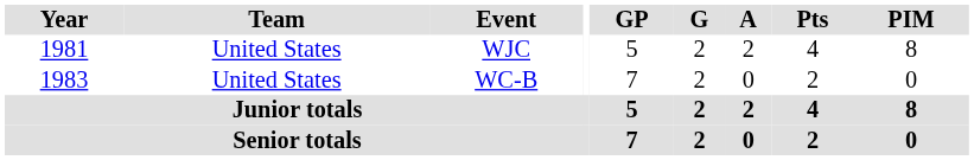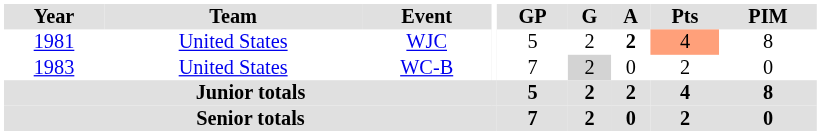 <table border="0" cellpadding="1" cellspacing="0" ID="Table3" style="text-align:center; width:40em">
 <tr bgcolor="#e0e0e0">
 <th>Year</th>
 <th>Team</th>
 <th>Event</th>
 <th rowspan="102" bgcolor="#ffffff"></th>
 <th>GP</th>
 <th>G</th>
 <th>A</th>
 <th>Pts</th>
 <th>PIM</th>
 </tr>
 <tr>
 <td><a href='#'>1981</a></td>
 <td><a href='#'>United States</a></td>
 <td><a href='#'>WJC</a></td>
 <td>5</td>
 <td>2</td>
-<td>2</td>
-<td>4</td>
+<td><strong>2</strong></td>
+<td style="background: lightsalmon;">4</td>
 <td>8</td>
 </tr>
 <tr>
 <td><a href='#'>1983</a></td>
 <td><a href='#'>United States</a></td>
 <td><a href='#'>WC-B</a></td>
 <td>7</td>
-<td>2</td>
+<td style="background: lightgrey;">2</td>
 <td>0</td>
 <td>2</td>
 <td>0</td>
 </tr>
 <tr bgcolor="#e0e0e0">
 <th colspan="4">Junior totals</th>
 <th>5</th>
 <th>2</th>
 <th>2</th>
 <th>4</th>
 <th>8</th>
 </tr>
 <tr bgcolor="#e0e0e0">
 <th colspan="4">Senior totals</th>
 <th>7</th>
 <th>2</th>
 <th>0</th>
 <th>2</th>
 <th>0</th>
 </tr>
 </table>
